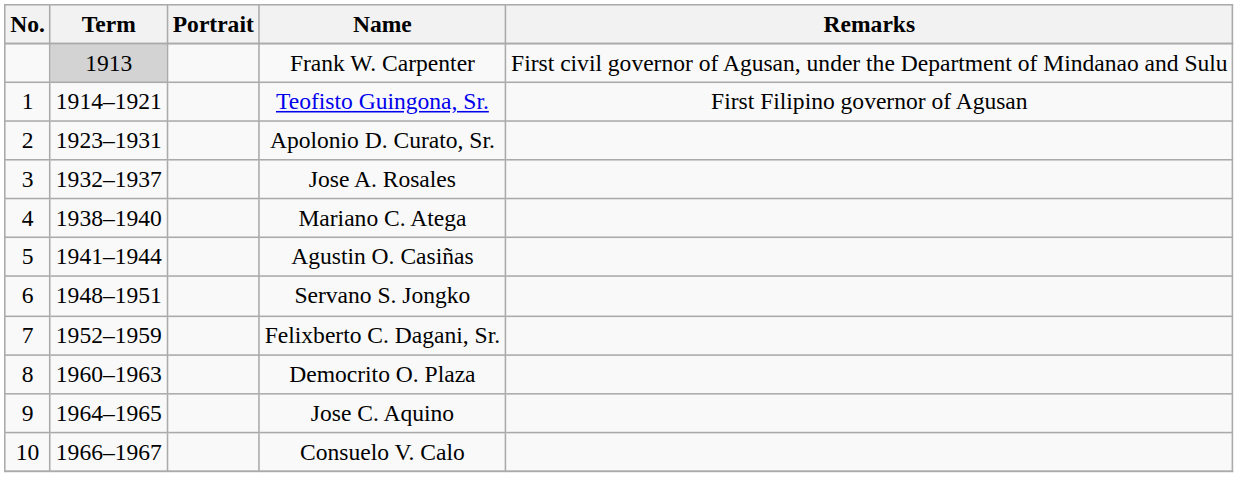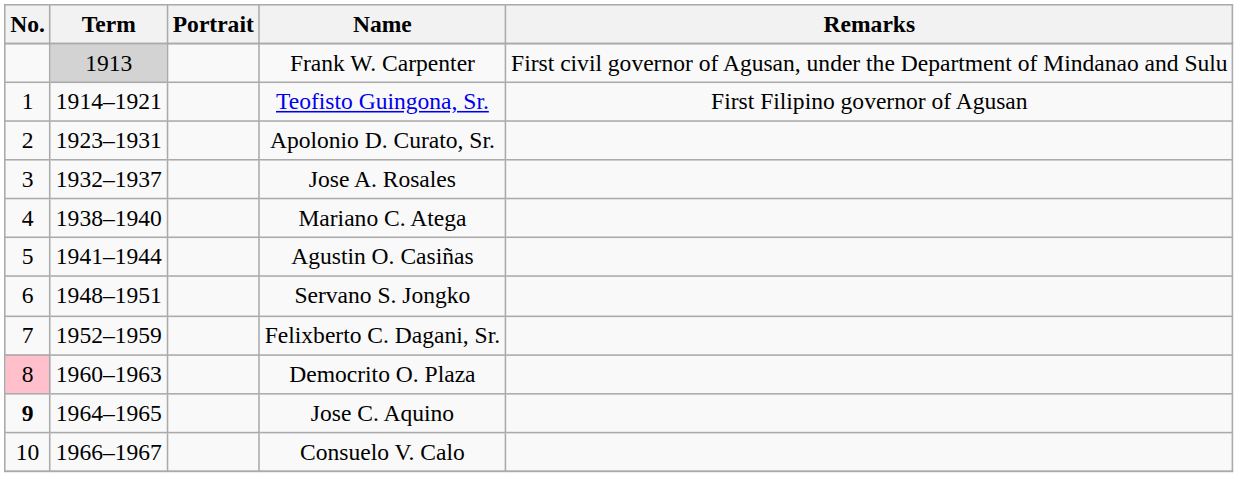 <table class="wikitable" style="vertical-align:top;text-align:center;font-size:95%;">
 <tr>
 <th>No.</th>
 <th>Term</th>
 <th>Portrait</th>
 <th>Name</th>
 <th>Remarks</th>
 </tr>
 <tr bgcolor="#ADD8E6">
 </tr>
 <tr>
 <td></td>
 <td style="background: lightgrey;">1913</td>
 <td></td>
 <td>Frank W. Carpenter</td>
 <td>First civil governor of Agusan, under the Department of Mindanao and Sulu</td>
 </tr>
 <tr>
 <td>1</td>
 <td>1914–1921</td>
 <td></td>
 <td><a href='#'>Teofisto Guingona, Sr.</a></td>
 <td>First Filipino governor of Agusan</td>
 </tr>
 <tr>
 <td>2</td>
 <td>1923–1931</td>
 <td></td>
 <td>Apolonio D. Curato, Sr.</td>
 <td></td>
 </tr>
 <tr>
 <td>3</td>
 <td>1932–1937</td>
 <td></td>
 <td>Jose A. Rosales</td>
 <td></td>
 </tr>
 <tr>
 <td>4</td>
 <td>1938–1940</td>
 <td></td>
 <td>Mariano C. Atega</td>
 <td></td>
 </tr>
 <tr>
 <td>5</td>
 <td>1941–1944</td>
 <td></td>
 <td>Agustin O. Casiñas</td>
 <td></td>
 </tr>
 <tr>
 <td>6</td>
 <td>1948–1951</td>
 <td></td>
 <td>Servano S. Jongko</td>
 <td></td>
 </tr>
 <tr>
 <td>7</td>
 <td>1952–1959</td>
 <td></td>
 <td>Felixberto C. Dagani, Sr.</td>
 <td></td>
 </tr>
 <tr>
-<td>8</td>
+<td style="background: pink;">8</td>
 <td>1960–1963</td>
 <td></td>
 <td>Democrito O. Plaza</td>
 <td></td>
 </tr>
 <tr>
-<td>9</td>
+<td><strong>9</strong></td>
 <td>1964–1965</td>
 <td></td>
 <td>Jose C. Aquino</td>
 <td></td>
 </tr>
 <tr>
 <td>10</td>
 <td>1966–1967</td>
 <td></td>
 <td>Consuelo V. Calo</td>
 <td></td>
 </tr>
 <tr>
 </tr>
 </table>
